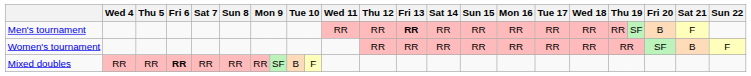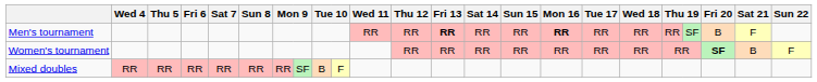 <table class="wikitable" style="margin:0.5em auto; font-size:90%; line-height:1.25em;text-align:center">
 <tr>
 <th></th>
 <th>Wed 4</th>
 <th>Thu 5</th>
 <th>Fri 6</th>
 <th>Sat 7</th>
 <th>Sun 8</th>
 <th colspan="2">Mon 9</th>
 <th colspan="2">Tue 10</th>
 <th>Wed 11</th>
 <th>Thu 12</th>
 <th>Fri 13</th>
 <th>Sat 14</th>
 <th>Sun 15</th>
 <th>Mon 16</th>
 <th>Tue 17</th>
 <th>Wed 18</th>
 <th colspan="2">Thu 19</th>
 <th>Fri 20</th>
 <th>Sat 21</th>
 <th>Sun 22</th>
 </tr>
 <tr>
 <td align="left"><a href='#'>Men's tournament</a></td>
 <td></td>
 <td></td>
 <td></td>
 <td></td>
 <td></td>
 <td colspan="2"></td>
 <td colspan="2"></td>
 <td style="background-color:#FFBBBB">RR</td>
 <td style="background-color:#FFBBBB">RR</td>
 <td style="background-color:#FFBBBB"><strong>RR</strong></td>
 <td style="background-color:#FFBBBB">RR</td>
 <td style="background-color:#FFBBBB">RR</td>
-<td style="background-color:#FFBBBB">RR</td>
+<td style="background-color:#FFBBBB"><strong>RR</strong></td>
 <td style="background-color:#FFBBBB">RR</td>
 <td style="background-color:#FFBBBB">RR</td>
 <td style="background-color:#FFBBBB">RR</td>
 <td style="background-color:#BBF3BB">SF</td>
 <td style="background-color:#FEDCBA">B</td>
 <td style="background-color:#FFFFBB">F</td>
 <td></td>
 </tr>
 <tr>
 <td align="left"><a href='#'>Women's tournament</a></td>
 <td></td>
 <td></td>
 <td></td>
 <td></td>
 <td></td>
 <td colspan="2"></td>
 <td colspan="2"></td>
 <td></td>
 <td style="background-color:#FFBBBB">RR</td>
 <td style="background-color:#FFBBBB">RR</td>
 <td style="background-color:#FFBBBB">RR</td>
 <td style="background-color:#FFBBBB">RR</td>
 <td style="background-color:#FFBBBB">RR</td>
 <td style="background-color:#FFBBBB">RR</td>
 <td style="background-color:#FFBBBB">RR</td>
 <td style="background-color:#FFBBBB" colspan="2">RR</td>
-<td style="background-color:#BBF3BB">SF</td>
+<td style="background-color:#BBF3BB"><strong>SF</strong></td>
 <td style="background-color:#FEDCBA">B</td>
 <td style="background-color:#FFFFBB">F</td>
 </tr>
 <tr>
 <td align="left"><a href='#'>Mixed doubles</a></td>
 <td style="background-color:#FFBBBB">RR</td>
 <td style="background-color:#FFBBBB">RR</td>
-<td style="background-color:#FFBBBB"><strong>RR</strong></td>
+<td style="background-color:#FFBBBB">RR</td>
 <td style="background-color:#FFBBBB">RR</td>
 <td style="background-color:#FFBBBB">RR</td>
 <td style="background-color:#FFBBBB">RR</td>
 <td style="background-color:#BBF3BB">SF</td>
 <td style="background-color:#FEDCBA">B</td>
 <td style="background-color:#FFFFBB">F</td>
 <td></td>
 <td></td>
 <td></td>
 <td></td>
 <td></td>
 <td></td>
 <td></td>
 <td></td>
 <td colspan="2"></td>
 <td></td>
 <td></td>
 <td></td>
 </tr>
 </table>
